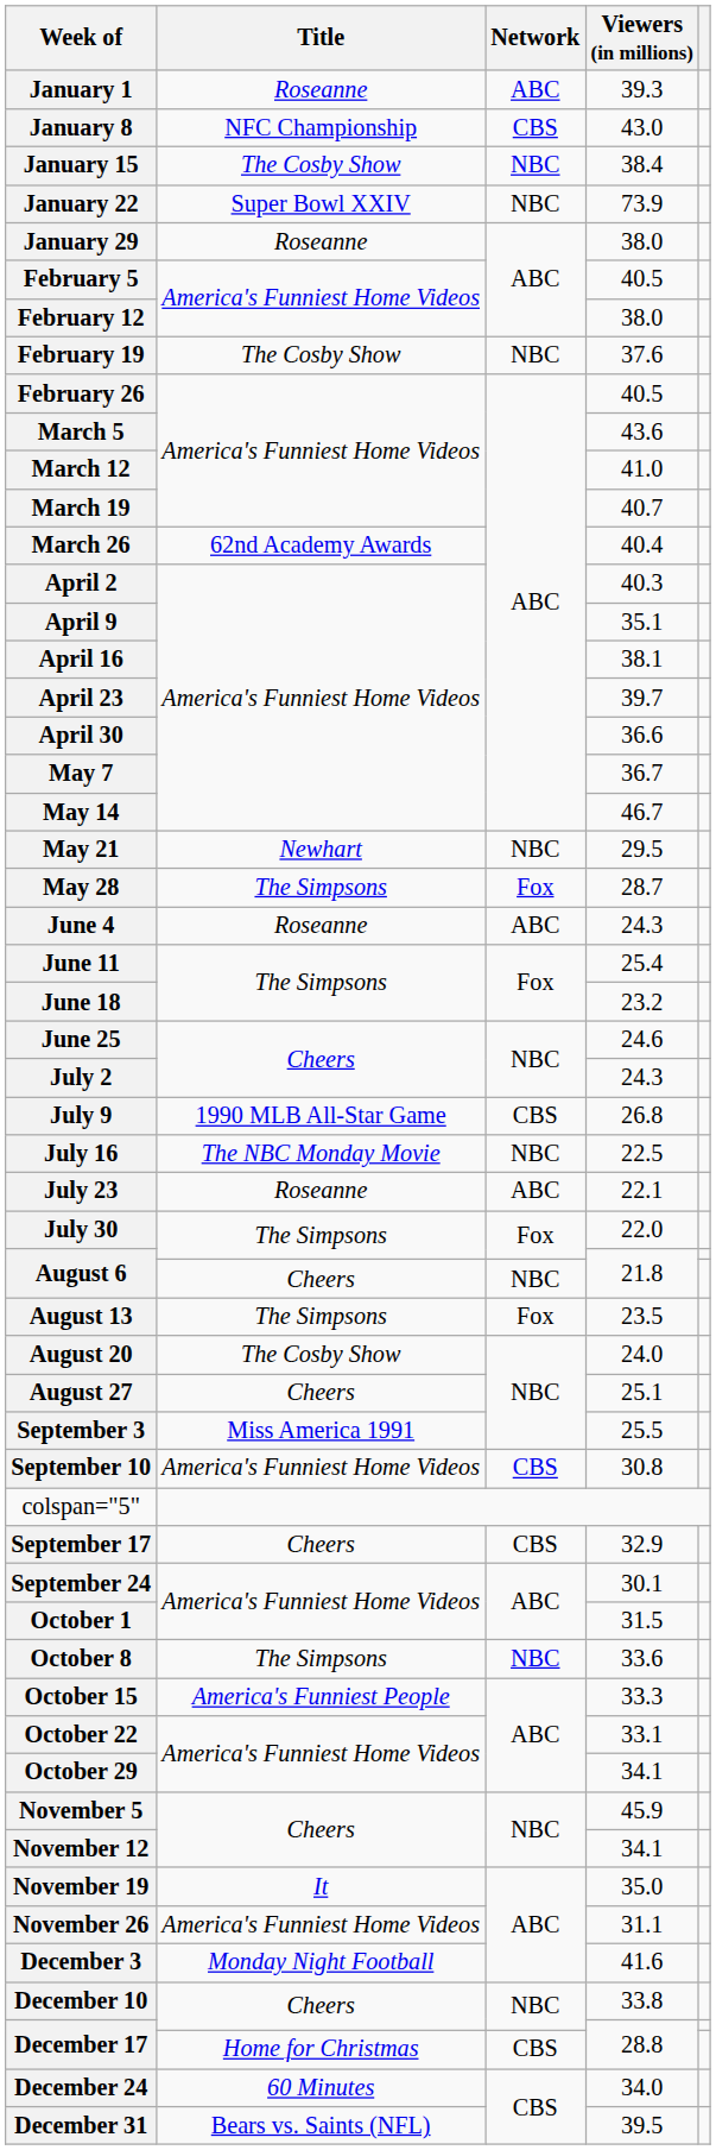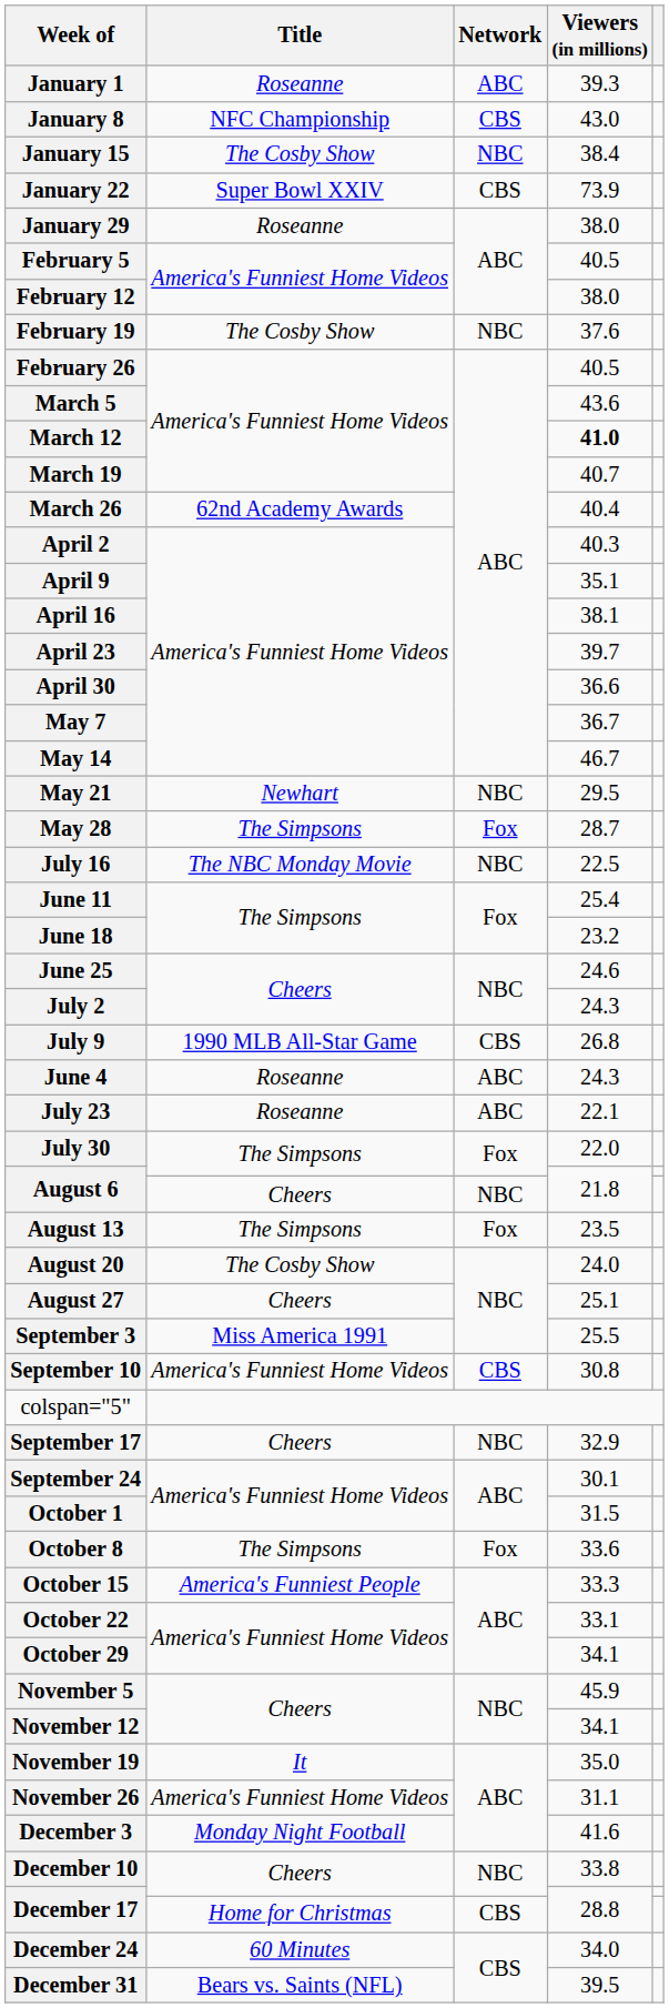 <table class="wikitable plainrowheaders" style="text-align: center; display: inline-table;">
 <tr>
 <th>Week of</th>
 <th>Title</th>
 <th>Network</th>
 <th>Viewers<br><small>(in millions)</small></th>
 <th></th>
 </tr>
 <tr>
 <th scope="row">January 1</th>
 <td><em><a href='#'>Roseanne</a></em></td>
 <td><a href='#'>ABC</a></td>
 <td>39.3</td>
 <td></td>
 </tr>
 <tr>
 <th scope="row">January 8</th>
 <td><a href='#'>NFC Championship</a></td>
 <td><a href='#'>CBS</a></td>
 <td>43.0</td>
 <td></td>
 </tr>
 <tr>
 <th scope="row">January 15</th>
 <td><em><a href='#'>The Cosby Show</a></em></td>
 <td><a href='#'>NBC</a></td>
 <td>38.4</td>
 <td></td>
 </tr>
 <tr>
 <th scope="row">January 22</th>
 <td><a href='#'>Super Bowl XXIV</a></td>
-<td>NBC</td>
+<td>CBS</td>
 <td>73.9</td>
 <td></td>
 </tr>
 <tr>
 <th scope="row">January 29</th>
 <td><em>Roseanne</em></td>
 <td rowspan="3">ABC</td>
 <td>38.0</td>
 <td></td>
 </tr>
 <tr>
 <th scope="row">February 5</th>
 <td rowspan='2'><em><a href='#'>America's Funniest Home Videos</a></em></td>
 <td>40.5</td>
 <td></td>
 </tr>
 <tr>
 <th scope="row">February 12</th>
 <td>38.0</td>
 <td></td>
 </tr>
 <tr>
 <th scope="row">February 19</th>
 <td><em>The Cosby Show</em></td>
 <td>NBC</td>
 <td>37.6</td>
 <td></td>
 </tr>
 <tr>
 <th scope="row">February 26</th>
 <td rowspan="4"><em>America's Funniest Home Videos</em></td>
 <td rowspan="12">ABC</td>
 <td>40.5</td>
 <td></td>
 </tr>
 <tr>
 <th scope="row">March 5</th>
 <td>43.6</td>
 <td></td>
 </tr>
 <tr>
 <th scope="row">March 12</th>
-<td>41.0</td>
+<td><strong>41.0</strong></td>
 <td></td>
 </tr>
 <tr>
 <th scope="row">March 19</th>
 <td>40.7</td>
 <td></td>
 </tr>
 <tr>
 <th scope="row">March 26</th>
 <td><a href='#'>62nd Academy Awards</a></td>
 <td>40.4</td>
 <td></td>
 </tr>
 <tr>
 <th scope="row">April 2</th>
 <td rowspan="7"><em>America's Funniest Home Videos</em></td>
 <td>40.3</td>
 <td></td>
 </tr>
 <tr>
 <th scope="row">April 9</th>
 <td>35.1</td>
 <td></td>
 </tr>
 <tr>
 <th scope="row">April 16</th>
 <td>38.1</td>
 <td></td>
 </tr>
 <tr>
 <th scope="row">April 23</th>
 <td>39.7</td>
 <td></td>
 </tr>
 <tr>
 <th scope="row">April 30</th>
 <td>36.6</td>
 <td></td>
 </tr>
 <tr>
 <th scope="row">May 7</th>
 <td>36.7</td>
 <td></td>
 </tr>
 <tr>
 <th scope="row">May 14</th>
 <td>46.7</td>
 <td></td>
 </tr>
 <tr>
 <th scope="row">May 21</th>
 <td><em><a href='#'>Newhart</a></em></td>
 <td>NBC</td>
 <td>29.5</td>
 <td></td>
 </tr>
 <tr>
 <th scope="row">May 28</th>
 <td><em><a href='#'>The Simpsons</a></em></td>
 <td><a href='#'>Fox</a></td>
 <td>28.7</td>
 <td></td>
 </tr>
 <tr>
-<th scope="row">June 4</th>
-<td><em>Roseanne</em></td>
-<td>ABC</td>
-<td>24.3</td>
+<th scope="row">July 16</th>
+<td><em><a href='#'>The NBC Monday Movie</a></em></td>
+<td>NBC</td>
+<td>22.5</td>
 <td></td>
 </tr>
 <tr>
 <th scope="row">June 11</th>
 <td rowspan="2"><em>The Simpsons</em></td>
 <td rowspan="2">Fox</td>
 <td>25.4</td>
 <td></td>
 </tr>
 <tr>
 <th scope="row">June 18</th>
 <td>23.2</td>
 <td></td>
 </tr>
 <tr>
 <th scope="row">June 25</th>
 <td rowspan="2"><em><a href='#'>Cheers</a></em></td>
 <td rowspan="2">NBC</td>
 <td>24.6</td>
 <td></td>
 </tr>
 <tr>
 <th scope="row">July 2</th>
 <td>24.3</td>
 <td></td>
 </tr>
 <tr>
 <th scope="row">July 9</th>
 <td><a href='#'>1990 MLB All-Star Game</a></td>
 <td>CBS</td>
 <td>26.8</td>
 <td></td>
 </tr>
 <tr>
-<th scope="row">July 16</th>
-<td><em><a href='#'>The NBC Monday Movie</a></em></td>
-<td>NBC</td>
-<td>22.5</td>
+<th scope="row">June 4</th>
+<td><em>Roseanne</em></td>
+<td>ABC</td>
+<td>24.3</td>
 <td></td>
 </tr>
 <tr>
 <th scope="row">July 23</th>
 <td><em>Roseanne</em></td>
 <td>ABC</td>
 <td>22.1</td>
 <td></td>
 </tr>
 <tr>
 <th scope="row">July 30</th>
 <td rowspan="2"><em>The Simpsons</em></td>
 <td rowspan="2">Fox</td>
 <td>22.0</td>
 <td></td>
 </tr>
 <tr>
 <th scope="row" rowspan="2">August 6</th>
 <td rowspan="2">21.8</td>
 <td></td>
 </tr>
 <tr>
 <td><em>Cheers</em></td>
 <td>NBC</td>
 <td></td>
 </tr>
 <tr>
 <th scope="row">August 13</th>
 <td><em>The Simpsons</em></td>
 <td>Fox</td>
 <td>23.5</td>
 <td></td>
 </tr>
 <tr>
 <th scope="row">August 20</th>
 <td><em>The Cosby Show</em></td>
 <td rowspan="3">NBC</td>
 <td>24.0</td>
 <td></td>
 </tr>
 <tr>
 <th scope="row">August 27</th>
 <td><em>Cheers</em></td>
 <td>25.1</td>
 <td></td>
 </tr>
 <tr>
 <th scope="row">September 3</th>
 <td><a href='#'>Miss America 1991</a></td>
 <td>25.5</td>
 <td></td>
 </tr>
 <tr>
 <th scope="row">September 10</th>
 <td><em>America's Funniest Home Videos</em></td>
 <td><a href='#'>CBS</a></td>
 <td>30.8</td>
 <td></td>
 </tr>
 <tr>
 <td>colspan="5" </td>
 </tr>
 <tr>
 <th scope="row">September 17</th>
 <td><em>Cheers</em></td>
-<td>CBS</td>
+<td>NBC</td>
 <td>32.9</td>
 <td></td>
 </tr>
 <tr>
 <th scope="row">September 24</th>
 <td rowspan="2"><em>America's Funniest Home Videos</em></td>
 <td rowspan="2">ABC</td>
 <td>30.1</td>
 <td></td>
 </tr>
 <tr>
 <th scope="row">October 1</th>
 <td>31.5</td>
 <td></td>
 </tr>
 <tr>
 <th scope="row">October 8</th>
 <td><em>The Simpsons</em></td>
-<td><a href='#'>NBC</a></td>
+<td>Fox</td>
 <td>33.6</td>
 <td></td>
 </tr>
 <tr>
 <th scope="row">October 15</th>
 <td><em><a href='#'>America's Funniest People</a></em></td>
 <td rowspan="3">ABC</td>
 <td>33.3</td>
 <td></td>
 </tr>
 <tr>
 <th scope="row">October 22</th>
 <td rowspan="2"><em>America's Funniest Home Videos</em></td>
 <td>33.1</td>
 <td></td>
 </tr>
 <tr>
 <th scope="row">October 29</th>
 <td>34.1</td>
 <td></td>
 </tr>
 <tr>
 <th scope="row">November 5</th>
 <td rowspan="2"><em>Cheers</em></td>
 <td rowspan="2">NBC</td>
 <td>45.9</td>
 <td></td>
 </tr>
 <tr>
 <th scope="row">November 12</th>
 <td>34.1</td>
 <td></td>
 </tr>
 <tr>
 <th scope="row">November 19</th>
 <td><em><a href='#'>It</a></em></td>
 <td rowspan="3">ABC</td>
 <td>35.0</td>
 <td></td>
 </tr>
 <tr>
 <th scope="row">November 26</th>
 <td><em>America's Funniest Home Videos</em></td>
 <td>31.1</td>
 <td></td>
 </tr>
 <tr>
 <th scope="row">December 3</th>
 <td><em><a href='#'>Monday Night Football</a></em></td>
 <td>41.6</td>
 <td></td>
 </tr>
 <tr>
 <th scope="row">December 10</th>
 <td rowspan="2"><em>Cheers</em></td>
 <td rowspan="2">NBC</td>
 <td>33.8</td>
 <td></td>
 </tr>
 <tr>
 <th rowspan="2" scope="row">December 17</th>
 <td rowspan="2">28.8</td>
 <td></td>
 </tr>
 <tr>
 <td><em><a href='#'>Home for Christmas</a></em></td>
 <td>CBS</td>
 <td></td>
 </tr>
 <tr>
 <th scope="row">December 24</th>
 <td><em><a href='#'>60 Minutes</a></em></td>
 <td rowspan="2">CBS</td>
 <td>34.0</td>
 <td></td>
 </tr>
 <tr>
 <th scope="row">December 31</th>
 <td><a href='#'>Bears vs. Saints (NFL)</a></td>
 <td>39.5</td>
 <td></td>
 </tr>
 </table>
